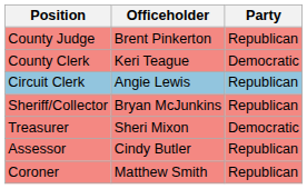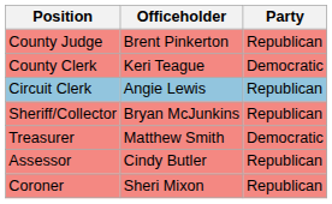 <table class="wikitable mw-collapsible">
 <tr>
 <th>Position</th>
 <th>Officeholder</th>
 <th>Party</th>
 </tr>
 <tr style="background-color:#F48882;">
 <td>County Judge</td>
 <td>Brent Pinkerton</td>
 <td>Republican</td>
 </tr>
 <tr style="background-color:#F48882;">
 <td>County Clerk</td>
 <td>Keri Teague</td>
 <td>Democratic</td>
 </tr>
 <tr style="background-color:#92C5DE;">
 <td>Circuit Clerk</td>
 <td>Angie Lewis</td>
 <td>Republican</td>
 </tr>
 <tr style="background-color:#F48882;">
 <td>Sheriff/Collector</td>
 <td>Bryan McJunkins</td>
 <td>Republican</td>
 </tr>
 <tr style="background-color:#F48882;">
 <td>Treasurer</td>
-<td>Sheri Mixon</td>
+<td>Matthew Smith</td>
 <td>Democratic</td>
 </tr>
 <tr style="background-color:#F48882;">
 <td>Assessor</td>
 <td>Cindy Butler</td>
 <td>Republican</td>
 </tr>
 <tr style="background-color:#F48882;">
 <td>Coroner</td>
-<td>Matthew Smith</td>
+<td>Sheri Mixon</td>
 <td>Republican</td>
 </tr>
 </table>
